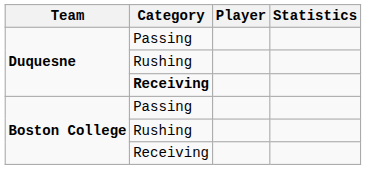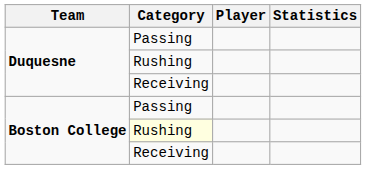 <table class="wikitable" style="float: right;">
 <tr>
 <th>Team</th>
 <th>Category</th>
 <th>Player</th>
 <th>Statistics</th>
 </tr>
 <tr>
 <td rowspan=3><strong>Duquesne</strong></td>
 <td>Passing</td>
 <td></td>
 <td></td>
 </tr>
 <tr>
 <td>Rushing</td>
 <td></td>
 <td></td>
 </tr>
 <tr>
-<td><strong>Receiving</strong></td>
+<td>Receiving</td>
 <td></td>
 <td></td>
 </tr>
 <tr>
 <td rowspan=3><strong>Boston College</strong></td>
 <td>Passing</td>
 <td></td>
 <td></td>
 </tr>
 <tr>
-<td>Rushing</td>
+<td style="background: lightyellow;">Rushing</td>
 <td></td>
 <td></td>
 </tr>
 <tr>
 <td>Receiving</td>
 <td></td>
 <td></td>
 </tr>
 </table>
